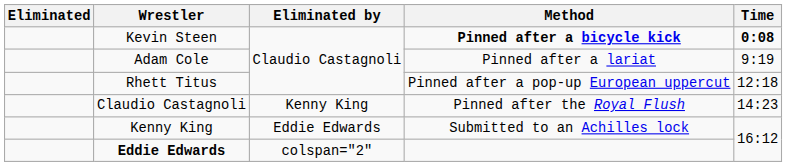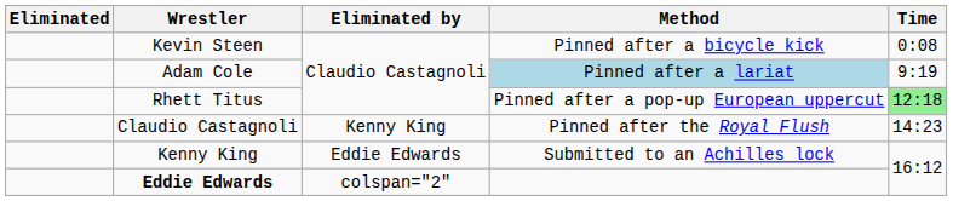 <table class="wikitable sortable" style="text-align:center;">
 <tr>
 <th>Eliminated</th>
 <th>Wrestler</th>
 <th>Eliminated by</th>
 <th>Method</th>
 <th>Time</th>
 </tr>
 <tr>
 <td></td>
 <td>Kevin Steen</td>
 <td rowspan=3>Claudio Castagnoli</td>
-<td><strong>Pinned after a <a href='#'>bicycle kick</a></strong></td>
-<td><strong>0:08</strong></td>
+<td>Pinned after a <a href='#'>bicycle kick</a></td>
+<td>0:08</td>
 </tr>
 <tr>
 <td></td>
 <td>Adam Cole</td>
-<td>Pinned after a <a href='#'>lariat</a></td>
+<td style="background: lightblue;">Pinned after a <a href='#'>lariat</a></td>
 <td>9:19</td>
 </tr>
 <tr>
 <td></td>
 <td>Rhett Titus</td>
 <td>Pinned after a pop-up <a href='#'>European uppercut</a></td>
-<td>12:18</td>
+<td style="background: lightgreen;">12:18</td>
 </tr>
 <tr>
 <td></td>
 <td>Claudio Castagnoli</td>
 <td>Kenny King</td>
 <td>Pinned after the <em><a href='#'>Royal Flush</a></em></td>
 <td>14:23</td>
 </tr>
 <tr>
 <td></td>
 <td>Kenny King</td>
 <td>Eddie Edwards</td>
 <td>Submitted to an <a href='#'>Achilles lock</a></td>
 <td rowspan=2>16:12</td>
 </tr>
 <tr>
 <td></td>
 <td><strong>Eddie Edwards</strong></td>
 <td>colspan="2" </td>
 </tr>
 </table>
